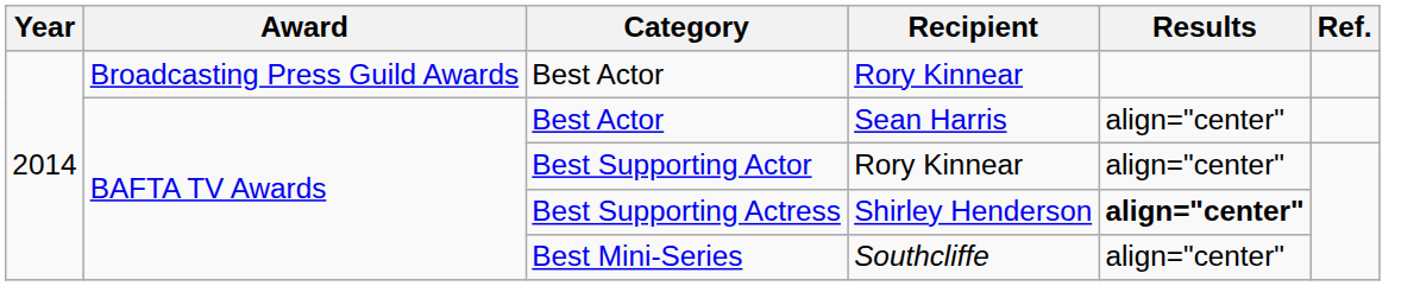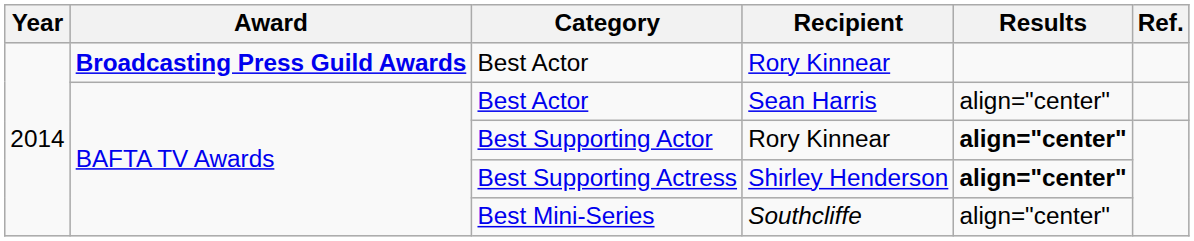 <table class="wikitable">
 <tr>
 <th>Year</th>
 <th>Award</th>
 <th>Category</th>
 <th>Recipient</th>
 <th>Results</th>
 <th>Ref.</th>
 </tr>
 <tr>
 <td rowspan="6">2014</td>
-<td><a href='#'>Broadcasting Press Guild Awards</a></td>
+<td><strong><a href='#'>Broadcasting Press Guild Awards</a></strong></td>
 <td>Best Actor</td>
 <td><a href='#'>Rory Kinnear</a></td>
 <td></td>
 <td align="center"></td>
 </tr>
 <tr>
 <td rowspan="5"><a href='#'>BAFTA TV Awards</a></td>
 <td><a href='#'>Best Actor</a></td>
 <td><a href='#'>Sean Harris</a></td>
 <td>align="center" </td>
 <td align="center"></td>
 </tr>
 <tr>
 <td><a href='#'>Best Supporting Actor</a></td>
 <td>Rory Kinnear</td>
-<td>align="center" </td>
+<td><strong>align="center" </strong></td>
 <td align="center" rowspan="4"></td>
 </tr>
 <tr>
 <td><a href='#'>Best Supporting Actress</a></td>
 <td><a href='#'>Shirley Henderson</a></td>
 <td><strong>align="center" </strong></td>
 </tr>
 <tr>
 <td><a href='#'>Best Mini-Series</a></td>
 <td><em>Southcliffe</em></td>
 <td>align="center" </td>
 </tr>
 </table>
